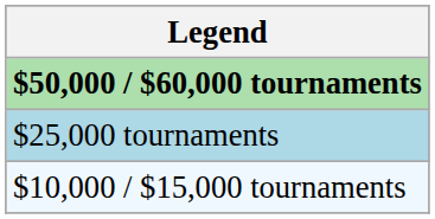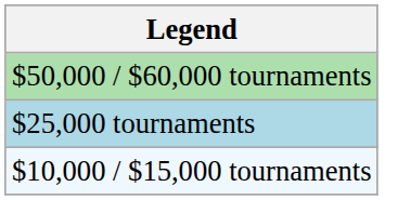 <table class="wikitable" style="font-size:95%">
 <tr>
 <th>Legend</th>
 </tr>
 <tr style="background:#addfad;">
-<td><strong>$50,000 / $60,000 tournaments</strong></td>
+<td>$50,000 / $60,000 tournaments</td>
 </tr>
 <tr style="background:lightblue;">
 <td>$25,000 tournaments</td>
 </tr>
 <tr style="background:#f0f8ff;">
 <td>$10,000 / $15,000 tournaments</td>
 </tr>
 </table>
